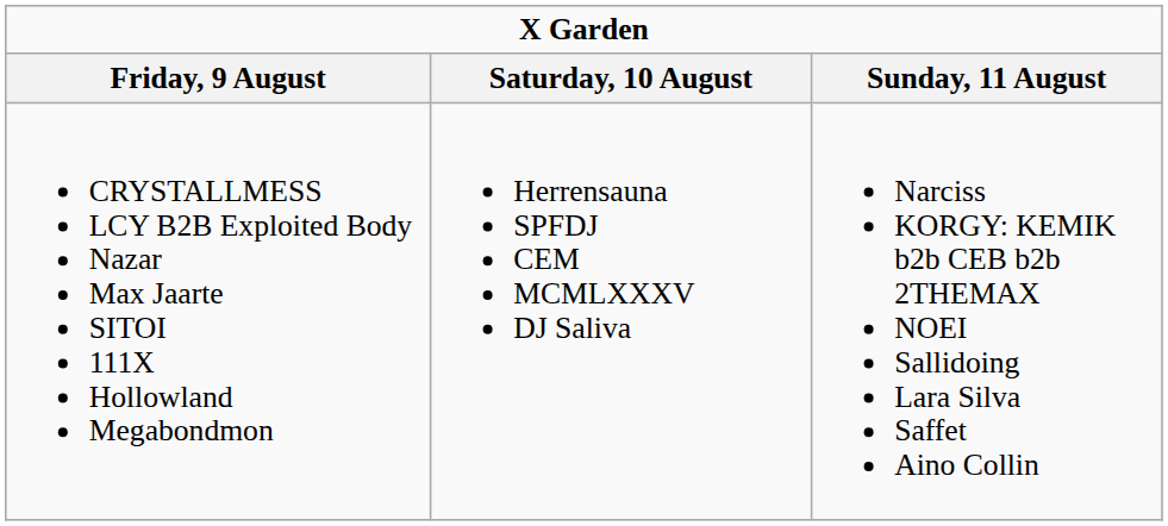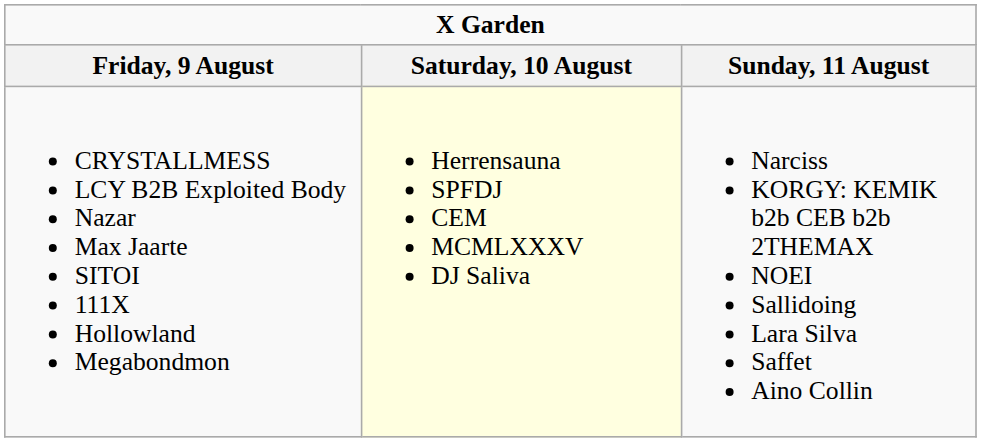 <table class="wikitable">
 <tr>
 <td colspan="4" align="center"><strong>X Garden</strong></td>
 </tr>
 <tr>
 <th width="500">Friday, 9 August</th>
 <th width="500">Saturday, 10 August</th>
 <th width="500">Sunday, 11 August</th>
 </tr>
 <tr valign="top">
 <td><br><ul><li>CRYSTALLMESS</li><li>LCY B2B Exploited Body</li><li>Nazar</li><li>Max Jaarte</li><li>SITOI</li><li>111X</li><li>Hollowland</li><li>Megabondmon</li></ul></td>
-<td><br><ul><li>Herrensauna</li><li>SPFDJ</li><li>CEM</li><li>MCMLXXXV</li><li>DJ Saliva</li></ul></td>
+<td style="background: lightyellow;"><br><ul><li>Herrensauna</li><li>SPFDJ</li><li>CEM</li><li>MCMLXXXV</li><li>DJ Saliva</li></ul></td>
 <td><br><ul><li>Narciss</li><li>KORGY: KEMIK b2b CEB b2b 2THEMAX</li><li>NOEI</li><li>Sallidoing</li><li>Lara Silva</li><li>Saffet</li><li>Aino Collin</li></ul></td>
 </tr>
 </table>
